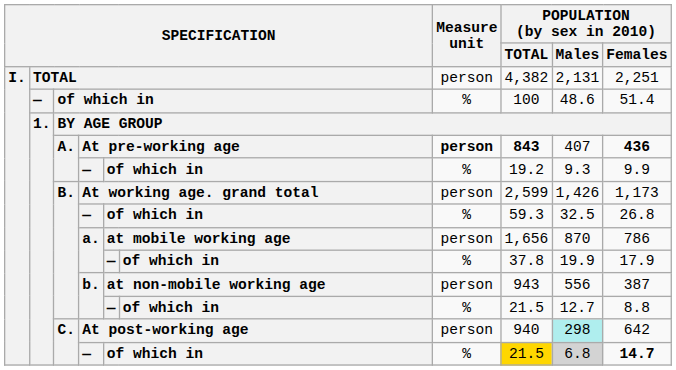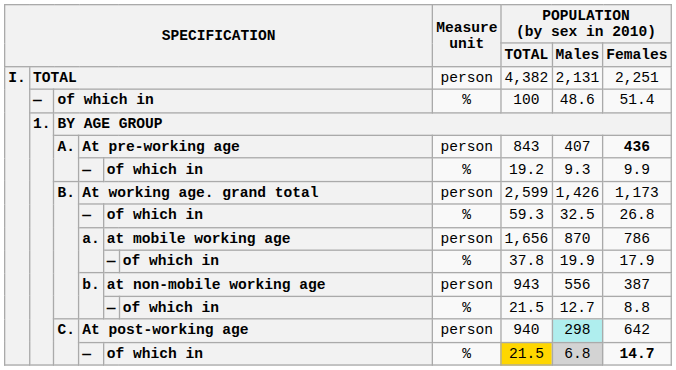 <table class="wikitable" style="font-size:85%; text-align:center">
 <tr>
 <th rowspan="2" colspan="6">SPECIFICATION</th>
 <th rowspan="2">Measure<br> unit</th>
 <th colspan="3" rowspan="1">POPULATION<br> (by sex in 2010)</th>
 </tr>
 <tr>
 <th>TOTAL</th>
 <th>Males</th>
 <th>Females</th>
 </tr>
 <tr>
 <th style="text-align:left" valign="top" rowspan="13">I.</th>
 <th style="text-align:left" colspan="5">TOTAL</th>
 <td>person</td>
 <td>4,382</td>
 <td>2,131</td>
 <td>2,251</td>
 </tr>
 <tr>
 <th style="text-align:left" valign="top">—</th>
 <th style="text-align:left" colspan="4">of which in</th>
 <td>%</td>
 <td>100</td>
 <td>48.6</td>
 <td>51.4</td>
 </tr>
 <tr>
 <th style="text-align:left" valign="top" rowspan="11">1.</th>
 <th style="text-align:left" colspan="19">BY AGE GROUP</th>
 </tr>
 <tr>
 <th style="text-align:left" valign="top" rowspan="2">A.</th>
 <th style="text-align:left" colspan="3">At pre-working age</th>
-<td><strong>person</strong></td>
-<td><strong>843</strong></td>
+<td>person</td>
+<td>843</td>
 <td>407</td>
 <td><strong>436</strong></td>
 </tr>
 <tr>
 <th style="text-align:left" valign="top">—</th>
 <th style="text-align:left" valign="top" colspan="2">of which in</th>
 <td>%</td>
 <td>19.2</td>
 <td>9.3</td>
 <td>9.9</td>
 </tr>
 <tr>
 <th style="text-align:left" valign="top" rowspan="6">B.</th>
 <th style="text-align:left" colspan="3">At working age. grand total</th>
 <td>person</td>
 <td>2,599</td>
 <td>1,426</td>
 <td>1,173</td>
 </tr>
 <tr>
 <th style="text-align:left" valign="top">—</th>
 <th style="text-align:left" valign="top" colspan="2">of which in</th>
 <td>%</td>
 <td>59.3</td>
 <td>32.5</td>
 <td>26.8</td>
 </tr>
 <tr>
 <th style="text-align:left" valign="top" rowspan="2">a.</th>
 <th style="text-align:left" colspan="2">at mobile working age</th>
 <td>person</td>
 <td>1,656</td>
 <td>870</td>
 <td>786</td>
 </tr>
 <tr>
 <th style="text-align:left" valign="top">—</th>
 <th style="text-align:left" valign="top" colspan="1">of which in                        </th>
 <td>%</td>
 <td>37.8</td>
 <td>19.9</td>
 <td>17.9</td>
 </tr>
 <tr>
 <th style="text-align:left" valign="top" rowspan="2">b.</th>
 <th style="text-align:left" colspan="2">at non-mobile working age</th>
 <td>person</td>
 <td>943</td>
 <td>556</td>
 <td>387</td>
 </tr>
 <tr>
 <th style="text-align:left" valign="top">—</th>
 <th style="text-align:left" valign="top" colspan="1">of which in                        </th>
 <td>%</td>
 <td>21.5</td>
 <td>12.7</td>
 <td>8.8</td>
 </tr>
 <tr>
 <th style="text-align:left" valign="top" rowspan="2">C.</th>
 <th style="text-align:left" colspan="3">At post-working age</th>
 <td>person</td>
 <td>940</td>
 <td style="background: paleturquoise;">298</td>
 <td>642</td>
 </tr>
 <tr>
 <th style="text-align:left" valign="top">—</th>
 <th style="text-align:left" valign="top" colspan="2">of which in</th>
 <td>%</td>
 <td style="background: gold;">21.5</td>
 <td style="background: lightgrey;">6.8</td>
 <td><strong>14.7</strong></td>
 </tr>
 </table>
